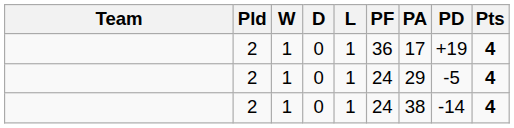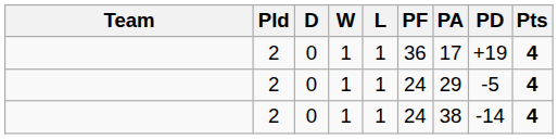 <table class="wikitable" style="text-align:center;">
 <tr>
 <th width="190">Team</th>
 <th width="20" abbr="Played">Pld</th>
+<th width="20" abbr="Drawn">D</th>
 <th width="20" abbr="Won">W</th>
-<th width="20" abbr="Drawn">D</th>
 <th width="20" abbr="Lost">L</th>
 <th width="20" abbr="Points for">PF</th>
 <th width="20" abbr="Points against">PA</th>
 <th width="25" abbr="Points difference">PD</th>
 <th width="20" abbr="Points">Pts</th>
 </tr>
 <tr style="background:">
 <td align="left"></td>
 <td>2</td>
+<td>0</td>
 <td>1</td>
-<td>0</td>
 <td>1</td>
 <td>36</td>
 <td>17</td>
 <td>+19</td>
 <td><strong>4</strong></td>
 </tr>
 <tr>
 <td align="left"></td>
 <td>2</td>
+<td>0</td>
 <td>1</td>
-<td>0</td>
 <td>1</td>
 <td>24</td>
 <td>29</td>
 <td>-5</td>
 <td><strong>4</strong></td>
 </tr>
 <tr style="background:">
 <td align="left"></td>
 <td>2</td>
+<td>0</td>
 <td>1</td>
-<td>0</td>
 <td>1</td>
 <td>24</td>
 <td>38</td>
 <td>-14</td>
 <td><strong>4</strong></td>
 </tr>
 </table>
